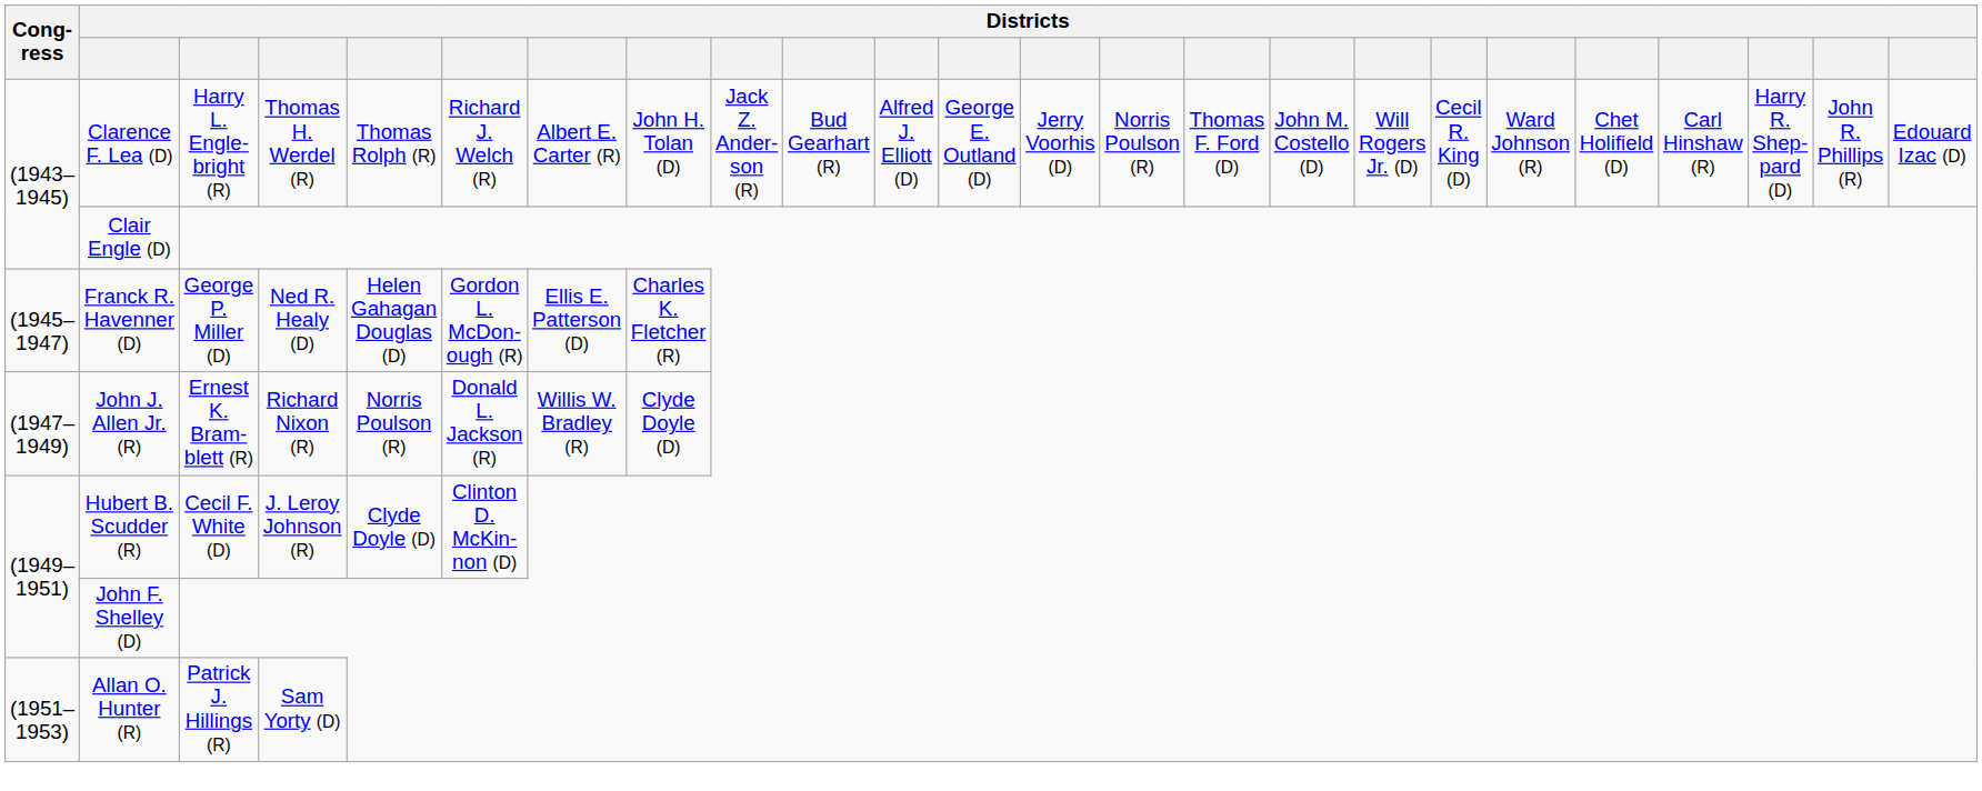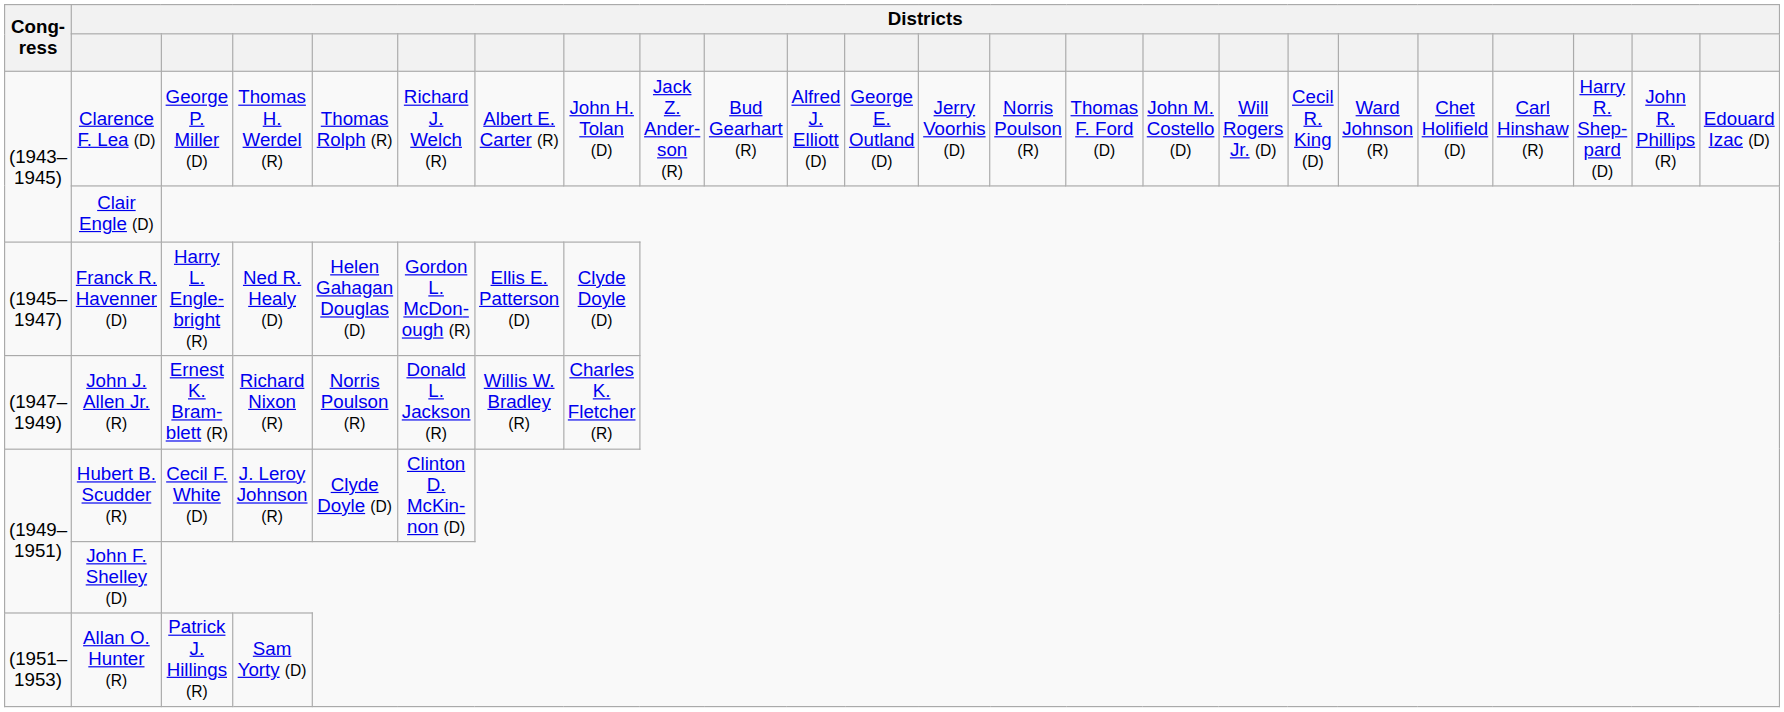 <table class=wikitable style="text-align:center">
 <tr>
 <th rowspan=2>Cong­ress</th>
 <th colspan=23>Districts</th>
 </tr>
 <tr style="height:2em">
 <th></th>
 <th></th>
 <th></th>
 <th></th>
 <th></th>
 <th></th>
 <th></th>
 <th></th>
 <th></th>
 <th></th>
 <th></th>
 <th></th>
 <th></th>
 <th></th>
 <th></th>
 <th></th>
 <th></th>
 <th></th>
 <th></th>
 <th></th>
 <th></th>
 <th></th>
 <th></th>
 </tr>
 <tr style="height:3em">
 <td rowspan=2><strong></strong><br>(1943–1945)</td>
 <td><a href='#'>Clarence F. Lea</a> <small>(D)</small></td>
-<td><a href='#'>Harry L. Engle­bright</a> <small>(R)</small></td>
+<td><a href='#'>George P. Miller</a> <small>(D)</small></td>
 <td><a href='#'>Thomas H. Werdel</a> <small>(R)</small></td>
 <td><a href='#'>Thomas Rolph</a> <small>(R)</small></td>
 <td><a href='#'>Richard J. Welch</a> <small>(R)</small></td>
 <td><a href='#'>Albert E. Carter</a> <small>(R)</small></td>
 <td><a href='#'>John H. Tolan</a> <small>(D)</small></td>
 <td><a href='#'>Jack Z. Ander­son</a> <small>(R)</small></td>
 <td><a href='#'>Bud Gearhart</a> <small>(R)</small></td>
 <td><a href='#'>Alfred J. Elliott</a> <small>(D)</small></td>
 <td><a href='#'>George E. Outland</a> <small>(D)</small></td>
 <td><a href='#'>Jerry Voorhis</a> <small>(D)</small></td>
 <td><a href='#'>Norris Poulson</a> <small>(R)</small></td>
 <td><a href='#'>Thomas F. Ford</a> <small>(D)</small></td>
 <td><a href='#'>John M. Costello</a> <small>(D)</small></td>
 <td><a href='#'>Will Rogers Jr.</a> <small>(D)</small></td>
 <td><a href='#'>Cecil R. King</a> <small>(D)</small></td>
 <td><a href='#'>Ward Johnson</a> <small>(R)</small></td>
 <td><a href='#'>Chet Holifield</a> <small>(D)</small></td>
 <td><a href='#'>Carl Hinshaw</a> <small>(R)</small></td>
 <td><a href='#'>Harry R. Shep­pard</a> <small>(D)</small></td>
 <td><a href='#'>John R. Phillips</a> <small>(R)</small></td>
 <td><a href='#'>Edouard Izac</a> <small>(D)</small></td>
 </tr>
 <tr style="height:3em">
 <td><a href='#'>Clair Engle</a> <small>(D)</small></td>
 </tr>
 <tr style="height:3em">
 <td><strong></strong><br>(1945–1947)</td>
 <td><a href='#'>Franck R. Havenner</a> <small>(D)</small></td>
-<td><a href='#'>George P. Miller</a> <small>(D)</small></td>
+<td><a href='#'>Harry L. Engle­bright</a> <small>(R)</small></td>
 <td><a href='#'>Ned R. Healy</a> <small>(D)</small></td>
 <td><a href='#'>Helen Gahagan Douglas</a> <small>(D)</small></td>
 <td><a href='#'>Gordon L. McDon­ough</a> <small>(R)</small></td>
 <td><a href='#'>Ellis E. Patterson</a> <small>(D)</small></td>
-<td><a href='#'>Charles K. Fletcher</a> <small>(R)</small></td>
+<td><a href='#'>Clyde Doyle</a> <small>(D)</small></td>
 </tr>
 <tr style="height:3em">
 <td><strong></strong><br>(1947–1949)</td>
 <td><a href='#'>John J. Allen Jr.</a> <small>(R)</small></td>
 <td><a href='#'>Ernest K. Bram­blett</a> <small>(R)</small></td>
 <td><a href='#'>Richard Nixon</a> <small>(R)</small></td>
 <td><a href='#'>Norris Poulson</a> <small>(R)</small></td>
 <td><a href='#'>Donald L. Jackson</a> <small>(R)</small></td>
 <td><a href='#'>Willis W. Bradley</a> <small>(R)</small></td>
-<td><a href='#'>Clyde Doyle</a> <small>(D)</small></td>
+<td><a href='#'>Charles K. Fletcher</a> <small>(R)</small></td>
 </tr>
 <tr style="height:3em">
 <td rowspan=2><strong></strong><br>(1949–1951)</td>
 <td><a href='#'>Hubert B. Scudder</a> <small>(R)</small></td>
 <td><a href='#'>Cecil F. White</a> <small>(D)</small></td>
 <td><a href='#'>J. Leroy Johnson</a> <small>(R)</small></td>
 <td><a href='#'>Clyde Doyle</a> <small>(D)</small></td>
 <td><a href='#'>Clinton D. McKin­non</a> <small>(D)</small></td>
 </tr>
 <tr style="height:3em">
 <td><a href='#'>John F. Shelley</a> <small>(D)</small></td>
 </tr>
 <tr style="height:3em">
 <td><strong></strong><br>(1951–1953)</td>
 <td><a href='#'>Allan O. Hunter</a> <small>(R)</small></td>
 <td><a href='#'>Patrick J. Hillings</a> <small>(R)</small></td>
 <td><a href='#'>Sam Yorty</a> <small>(D)</small></td>
 </tr>
 </table>
